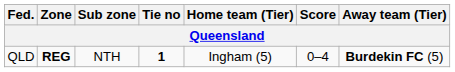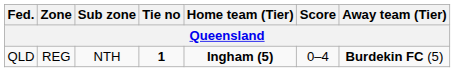 <table class="wikitable" style="text-align:center">
 <tr>
 <th>Fed.</th>
 <th>Zone</th>
 <th>Sub zone</th>
 <th>Tie no</th>
 <th>Home team (Tier)</th>
 <th>Score</th>
 <th>Away team (Tier)</th>
 </tr>
 <tr>
 <th colspan=7><a href='#'>Queensland</a></th>
 </tr>
 <tr>
 <td>QLD</td>
-<td><strong>REG</strong></td>
+<td>REG</td>
 <td>NTH</td>
 <td><strong>1</strong></td>
-<td>Ingham (5)</td>
+<td><strong>Ingham (5)</strong></td>
 <td>0–4</td>
 <td><strong>Burdekin FC</strong> (5)</td>
 </tr>
 </table>
